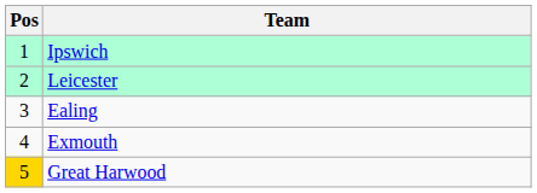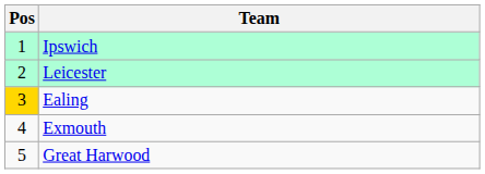 <table class="wikitable" style="font-size: 100%">
 <tr>
 <th width=20>Pos</th>
 <th width=400>Team</th>
 </tr>
 <tr align=center style="background: #ADFFD6;">
 <td>1</td>
 <td align="left"><a href='#'>Ipswich</a></td>
 </tr>
 <tr align=center style="background: #ADFFD6;">
 <td>2</td>
 <td align="left"><a href='#'>Leicester</a></td>
 </tr>
 <tr align=center>
-<td>3</td>
+<td style="background: gold;">3</td>
 <td align="left"><a href='#'>Ealing</a></td>
 </tr>
 <tr align=center>
 <td>4</td>
 <td align="left"><a href='#'>Exmouth</a></td>
 </tr>
 <tr align=center>
-<td style="background: gold;">5</td>
+<td>5</td>
 <td align="left"><a href='#'>Great Harwood</a></td>
 </tr>
 </table>
